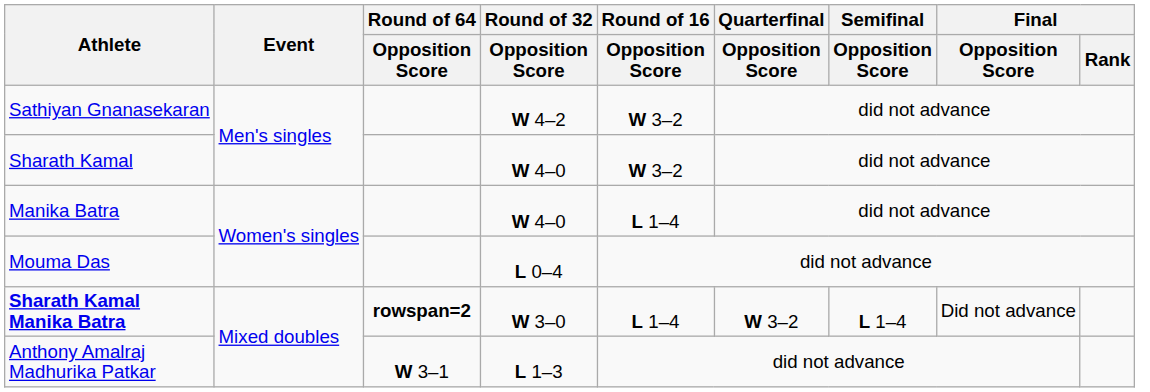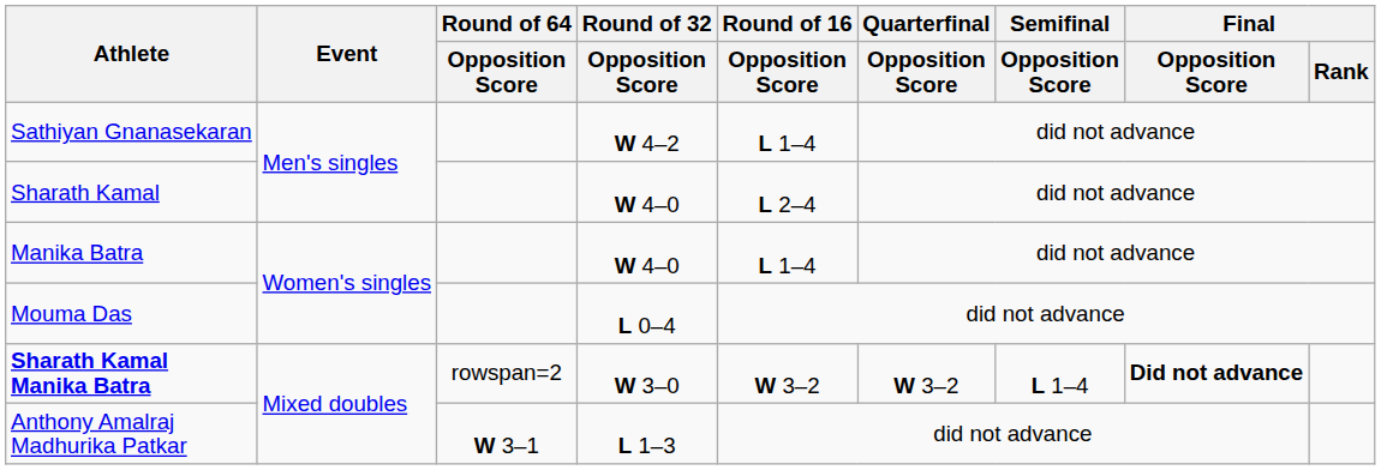 <table class=wikitable style=font-size:90%;text-align:center>
 <tr>
 <th rowspan="2">Athlete</th>
 <th rowspan="2">Event</th>
 <th>Round of 64</th>
 <th>Round of 32</th>
 <th>Round of 16</th>
 <th>Quarterfinal</th>
 <th>Semifinal</th>
 <th colspan="2">Final</th>
 </tr>
 <tr>
 <th>Opposition<br>Score</th>
 <th>Opposition<br>Score</th>
 <th>Opposition<br>Score</th>
 <th>Opposition<br>Score</th>
 <th>Opposition<br>Score</th>
 <th>Opposition<br>Score</th>
 <th>Rank</th>
 </tr>
 <tr>
 <td align=left><a href='#'>Sathiyan Gnanasekaran</a></td>
 <td align=left rowspan="2"><a href='#'>Men's singles</a></td>
 <td></td>
 <td><br><strong>W</strong> 4–2</td>
-<td><br><strong>W</strong> 3–2</td>
+<td><br> <strong>L</strong> 1–4</td>
 <td colspan="5">did not advance</td>
 </tr>
 <tr>
 <td align=left><a href='#'>Sharath Kamal</a></td>
 <td></td>
 <td><br><strong>W</strong> 4–0</td>
-<td><br><strong>W</strong> 3–2</td>
+<td><br><strong>L</strong> 2–4</td>
 <td colspan="5">did not advance</td>
 </tr>
 <tr>
 <td align=left><a href='#'>Manika Batra</a></td>
 <td align=left rowspan="2"><a href='#'>Women's singles</a></td>
 <td></td>
 <td><br><strong>W</strong> 4–0</td>
 <td><br><strong>L</strong> 1–4</td>
 <td colspan="5">did not advance</td>
 </tr>
 <tr>
 <td align=left><a href='#'>Mouma Das</a></td>
 <td></td>
 <td><br><strong>L</strong> 0–4</td>
 <td colspan="5">did not advance</td>
 </tr>
 <tr>
 <td align=left><strong><a href='#'>Sharath Kamal</a><br><a href='#'>Manika Batra</a></strong></td>
 <td align=left rowspan="2"><a href='#'>Mixed doubles</a></td>
-<td><strong>rowspan=2 </strong></td>
+<td>rowspan=2 </td>
 <td><br><strong>W</strong> 3–0</td>
-<td><br><strong>L</strong> 1–4</td>
+<td><br><strong>W</strong> 3–2</td>
 <td><br><strong>W</strong> 3–2</td>
 <td><br><strong>L</strong> 1–4</td>
-<td>Did not advance</td>
+<td><strong>Did not advance</strong></td>
 <td></td>
 </tr>
 <tr>
 <td align=left><a href='#'>Anthony Amalraj</a><br><a href='#'>Madhurika Patkar</a></td>
 <td><br><strong>W</strong> 3–1</td>
 <td><br><strong>L</strong> 1–3</td>
 <td colspan="4">did not advance</td>
 </tr>
 </table>
